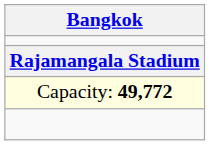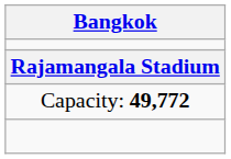 <table class="wikitable" style="margin:1em auto; text-align:center">
 <tr>
 <th><a href='#'>Bangkok</a></th>
 </tr>
 <tr>
 <td align="center"></td>
 </tr>
 <tr>
 <th><a href='#'>Rajamangala Stadium</a></th>
 </tr>
 <tr>
-<td style="background: lightyellow;">Capacity: <strong>49,772</strong></td>
+<td>Capacity: <strong>49,772</strong></td>
 </tr>
 <tr>
 <td><br></td>
 </tr>
 </table>
